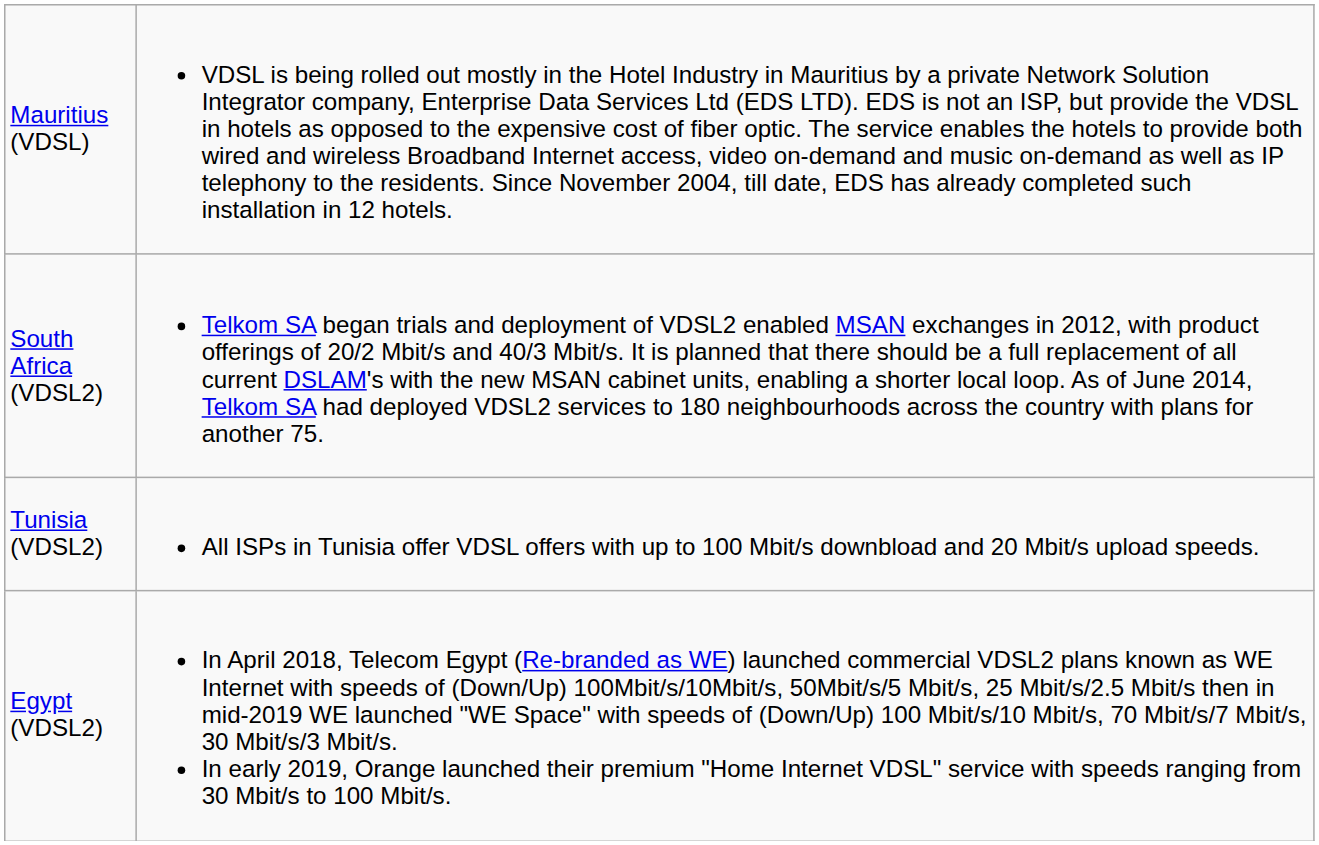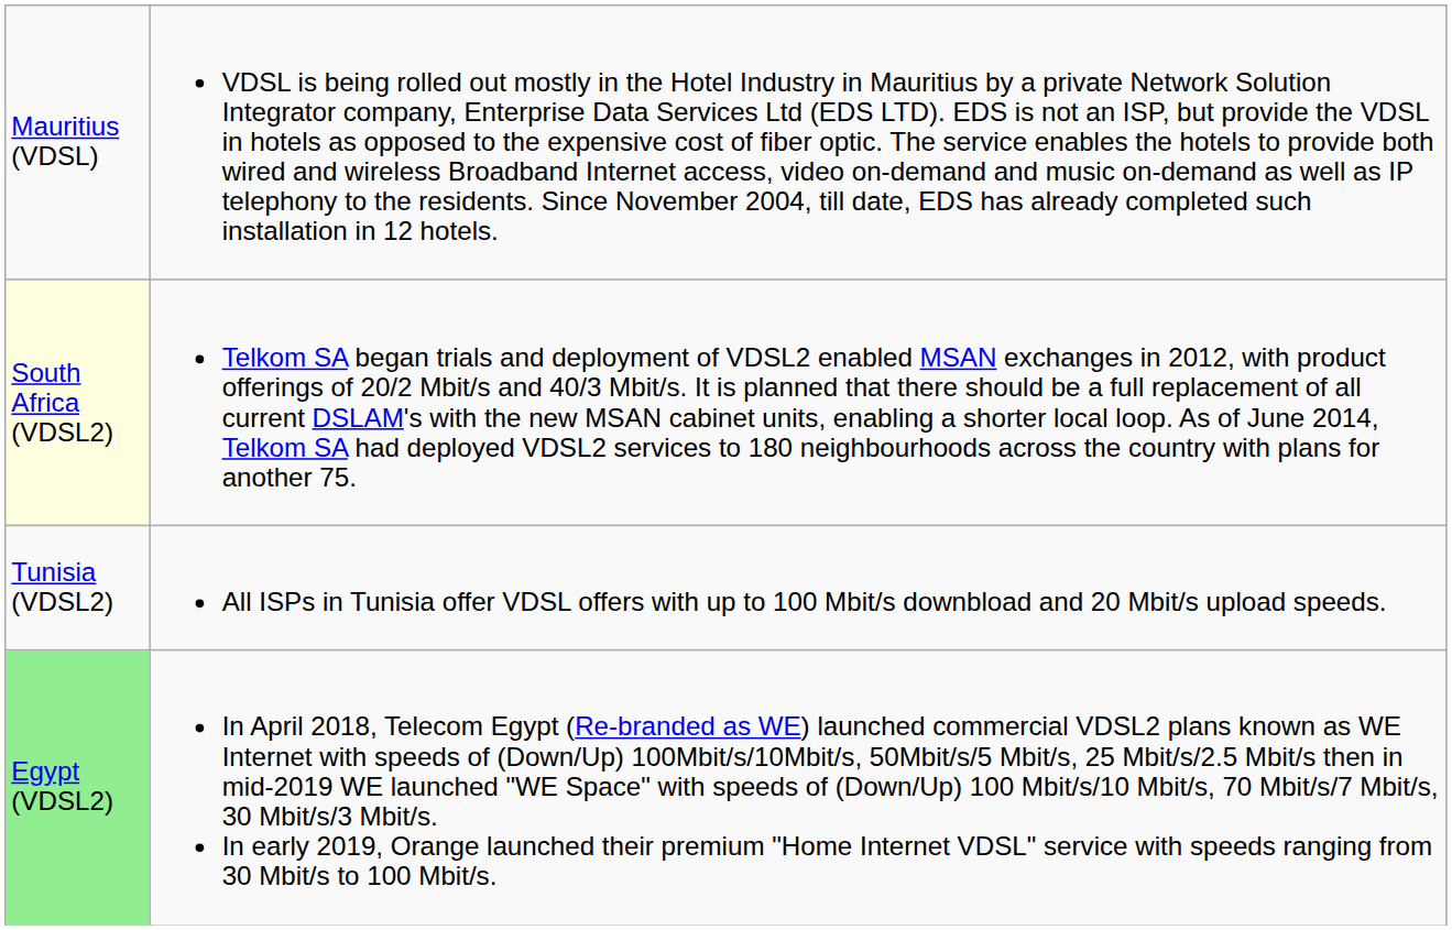 <table class="wikitable">
 <tr>
 <td><a href='#'>Mauritius</a> (VDSL)</td>
 <td><br><ul><li>VDSL is being rolled out mostly in the Hotel Industry in Mauritius by a private Network Solution Integrator company, Enterprise Data Services Ltd (EDS LTD). EDS is not an ISP, but provide the VDSL in hotels as opposed to the expensive cost of fiber optic. The service enables the hotels to provide both wired and wireless Broadband Internet access, video on-demand and music on-demand as well as IP telephony to the residents. Since November 2004, till date, EDS has already completed such installation in 12 hotels.</li></ul></td>
 </tr>
 <tr>
-<td><a href='#'>South Africa</a> (VDSL2)</td>
+<td style="background: lightyellow;"><a href='#'>South Africa</a> (VDSL2)</td>
 <td><br><ul><li><a href='#'>Telkom SA</a> began trials and deployment of VDSL2 enabled <a href='#'>MSAN</a> exchanges in 2012, with product offerings of 20/2 Mbit/s and 40/3 Mbit/s. It is planned that there should be a full replacement of all current <a href='#'>DSLAM</a>'s with the new MSAN cabinet units, enabling a shorter local loop. As of June 2014, <a href='#'>Telkom SA</a> had deployed VDSL2 services to 180 neighbourhoods across the country with plans for another 75.</li></ul></td>
 </tr>
 <tr>
 <td><a href='#'>Tunisia</a> (VDSL2)</td>
 <td><br><ul><li>All ISPs in Tunisia offer VDSL offers with up to 100 Mbit/s downbload and 20 Mbit/s upload speeds.</li></ul></td>
 </tr>
 <tr>
-<td><a href='#'>Egypt</a> (VDSL2)</td>
+<td style="background: lightgreen;"><a href='#'>Egypt</a> (VDSL2)</td>
 <td><br><ul><li>In April 2018, Telecom Egypt (<a href='#'>Re-branded as WE</a>) launched commercial VDSL2 plans known as WE Internet with speeds of (Down/Up) 100Mbit/s/10Mbit/s, 50Mbit/s/5 Mbit/s, 25 Mbit/s/2.5 Mbit/s then in mid-2019 WE launched "WE Space" with speeds of (Down/Up) 100 Mbit/s/10 Mbit/s, 70 Mbit/s/7 Mbit/s, 30 Mbit/s/3 Mbit/s.</li><li>In early 2019, Orange launched their premium "Home Internet VDSL" service with speeds ranging from 30 Mbit/s to 100 Mbit/s.</li></ul></td>
 </tr>
 </table>
